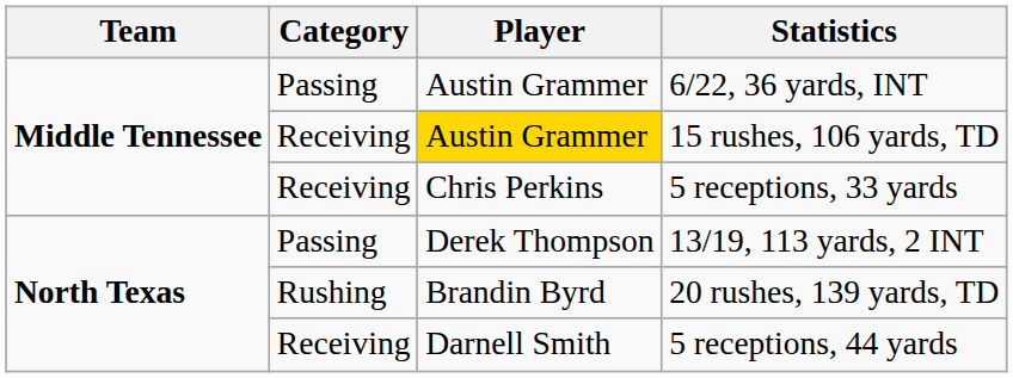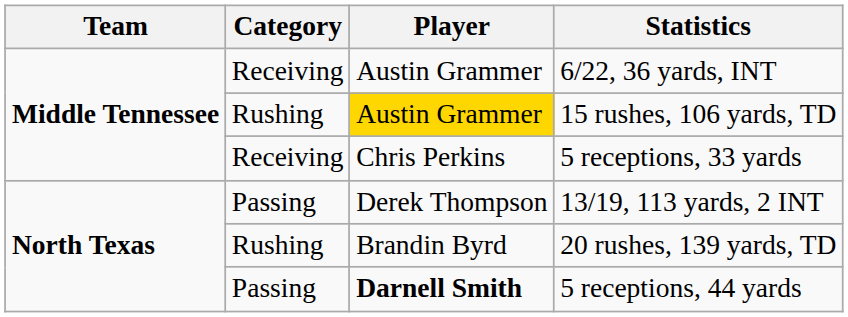 <table class="wikitable" style="float: right;">
 <tr>
 <th>Team</th>
 <th>Category</th>
 <th>Player</th>
 <th>Statistics</th>
 </tr>
 <tr>
 <td rowspan=3><strong>Middle Tennessee</strong></td>
-<td>Passing</td>
+<td>Receiving</td>
 <td>Austin Grammer</td>
 <td>6/22, 36 yards, INT</td>
 </tr>
 <tr>
-<td>Receiving</td>
+<td>Rushing</td>
 <td style="background: gold;">Austin Grammer</td>
 <td>15 rushes, 106 yards, TD</td>
 </tr>
 <tr>
 <td>Receiving</td>
 <td>Chris Perkins</td>
 <td>5 receptions, 33 yards</td>
 </tr>
 <tr>
 <td rowspan=3><strong>North Texas</strong></td>
 <td>Passing</td>
 <td>Derek Thompson</td>
 <td>13/19, 113 yards, 2 INT</td>
 </tr>
 <tr>
 <td>Rushing</td>
 <td>Brandin Byrd</td>
 <td>20 rushes, 139 yards, TD</td>
 </tr>
 <tr>
-<td>Receiving</td>
-<td>Darnell Smith</td>
+<td>Passing</td>
+<td><strong>Darnell Smith</strong></td>
 <td>5 receptions, 44 yards</td>
 </tr>
 </table>
